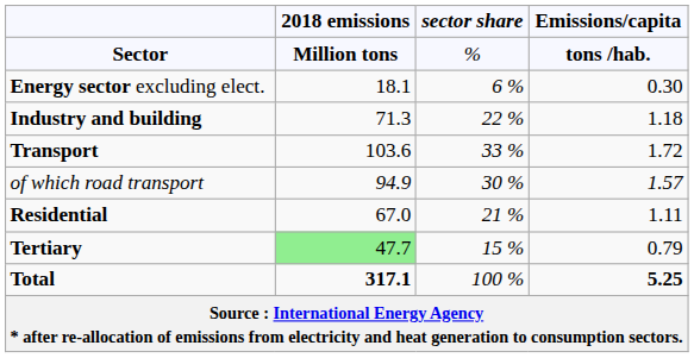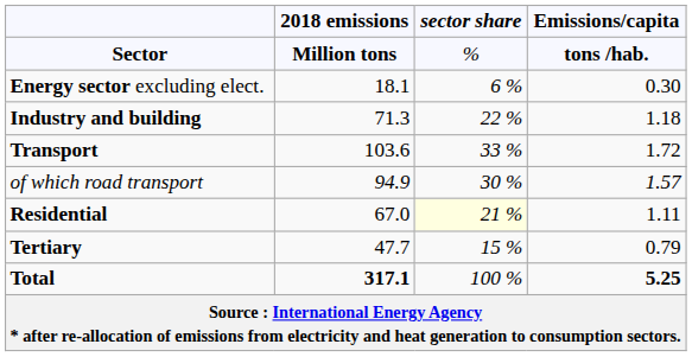 <table class="wikitable">
 <tr bgcolor="#f7f8ff" align="center">
 <td></td>
 <td><strong>2018 emissions</strong></td>
 <td><strong><em>sector share</em></strong></td>
 <td><strong>Emissions/capita</strong></td>
 </tr>
 <tr bgcolor="#f7f8ff" align="center">
 <td><strong>Sector</strong></td>
 <td><strong>Million tons </strong></td>
 <td><em>%</em></td>
 <td><strong>tons /hab.</strong></td>
 </tr>
 <tr align="right">
 <td align="left"><strong>Energy sector</strong> excluding elect.</td>
 <td>18.1</td>
 <td><em>6 %</em></td>
 <td>0.30</td>
 </tr>
 <tr align="right">
 <td align="left"><strong>Industry and building</strong></td>
 <td>71.3</td>
 <td><em>22 %</em></td>
 <td>1.18</td>
 </tr>
 <tr align="right">
 <td align="left"><strong>Transport</strong></td>
 <td>103.6</td>
 <td><em>33 %</em></td>
 <td>1.72</td>
 </tr>
 <tr align="right">
 <td align="left"><em>of which road transport</em></td>
 <td><em>94.9</em></td>
 <td><em>30 %</em></td>
 <td><em>1.57</em></td>
 </tr>
 <tr align="right">
 <td align="left"><strong>Residential</strong></td>
 <td>67.0</td>
-<td><em>21 %</em></td>
+<td style="background: lightyellow;"><em>21 %</em></td>
 <td>1.11</td>
 </tr>
 <tr align="right">
 <td align="left"><strong>Tertiary</strong></td>
-<td style="background: lightgreen;">47.7</td>
+<td>47.7</td>
 <td><em>15 %</em></td>
 <td>0.79</td>
 </tr>
 <tr align="right">
 <td align="left"><strong>Total</strong></td>
 <td><strong>317.1</strong></td>
 <td><em>100 %</em></td>
 <td><strong>5.25</strong></td>
 </tr>
 <tr ---->
 <th colspan="5"><small>Source : <a href='#'>International Energy Agency</a><br>* after re-allocation of emissions from electricity and heat generation to consumption sectors.</small></th>
 </tr>
 </table>
